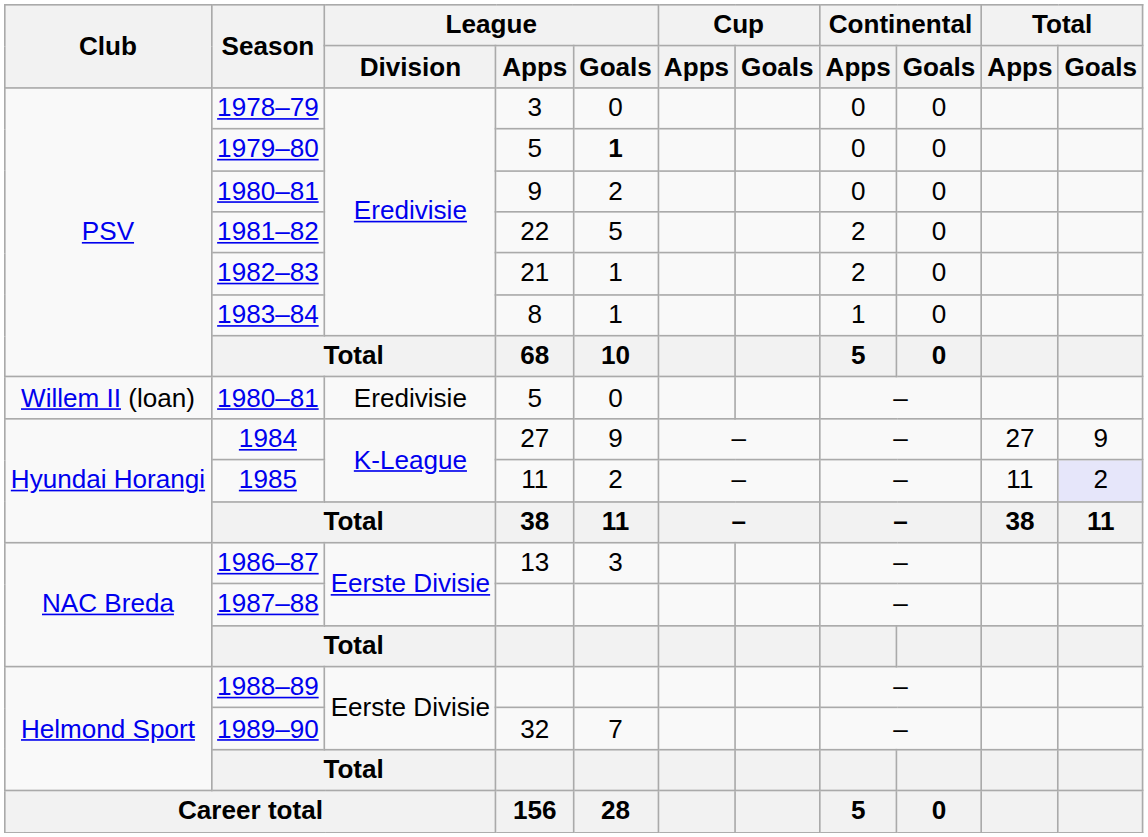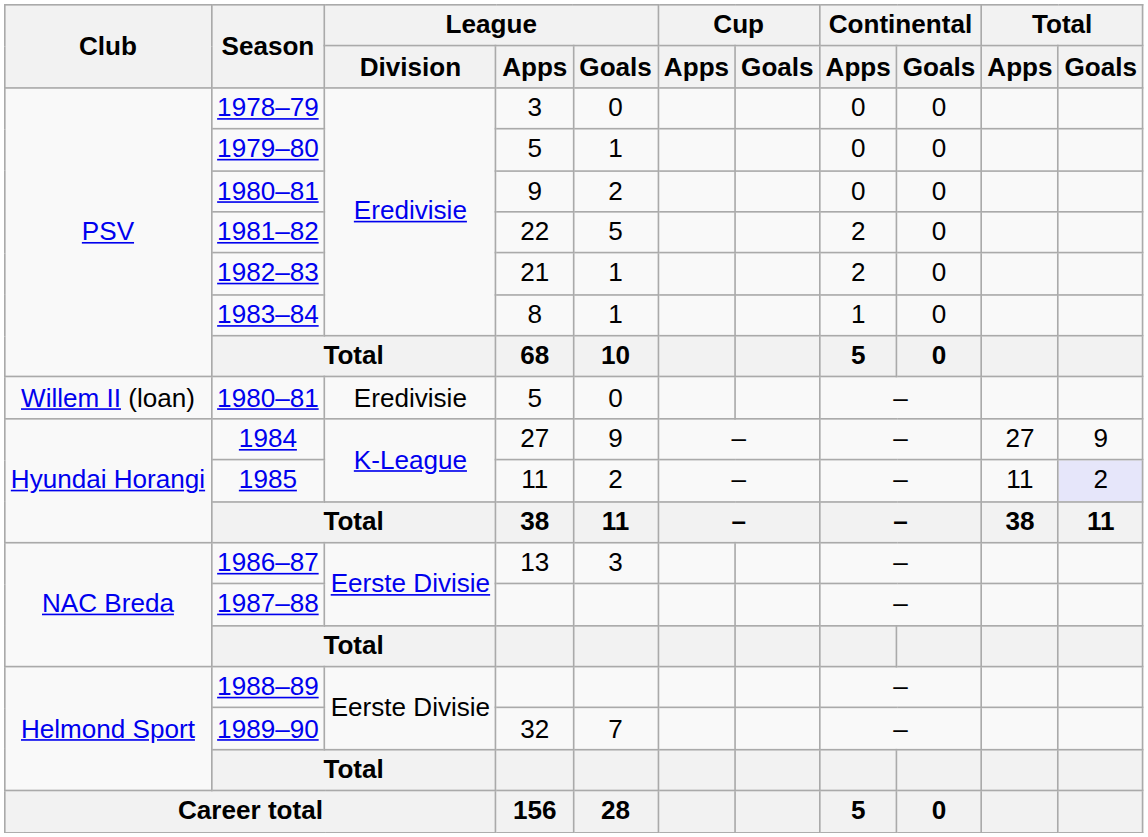 <table class="wikitable" style="text-align:center">
 <tr>
 <th rowspan="2">Club</th>
 <th rowspan="2">Season</th>
 <th colspan="3">League</th>
 <th colspan="2">Cup</th>
 <th colspan="2">Continental</th>
 <th colspan="2">Total</th>
 </tr>
 <tr>
 <th>Division</th>
 <th>Apps</th>
 <th>Goals</th>
 <th>Apps</th>
 <th>Goals</th>
 <th>Apps</th>
 <th>Goals</th>
 <th>Apps</th>
 <th>Goals</th>
 </tr>
 <tr>
 <td rowspan="7"><a href='#'>PSV</a></td>
 <td><a href='#'>1978–79</a></td>
 <td rowspan="6"><a href='#'>Eredivisie</a></td>
 <td>3</td>
 <td>0</td>
 <td></td>
 <td></td>
 <td>0</td>
 <td>0</td>
 <td></td>
 <td></td>
 </tr>
 <tr>
 <td><a href='#'>1979–80</a></td>
 <td>5</td>
-<td><strong>1</strong></td>
+<td>1</td>
 <td></td>
 <td></td>
 <td>0</td>
 <td>0</td>
 <td></td>
 <td></td>
 </tr>
 <tr>
 <td><a href='#'>1980–81</a></td>
 <td>9</td>
 <td>2</td>
 <td></td>
 <td></td>
 <td>0</td>
 <td>0</td>
 <td></td>
 <td></td>
 </tr>
 <tr>
 <td><a href='#'>1981–82</a></td>
 <td>22</td>
 <td>5</td>
 <td></td>
 <td></td>
 <td>2</td>
 <td>0</td>
 <td></td>
 <td></td>
 </tr>
 <tr>
 <td><a href='#'>1982–83</a></td>
 <td>21</td>
 <td>1</td>
 <td></td>
 <td></td>
 <td>2</td>
 <td>0</td>
 <td></td>
 <td></td>
 </tr>
 <tr>
 <td><a href='#'>1983–84</a></td>
 <td>8</td>
 <td>1</td>
 <td></td>
 <td></td>
 <td>1</td>
 <td>0</td>
 <td></td>
 <td></td>
 </tr>
 <tr>
 <th colspan="2">Total</th>
 <th>68</th>
 <th>10</th>
 <th></th>
 <th></th>
 <th>5</th>
 <th>0</th>
 <th></th>
 <th></th>
 </tr>
 <tr>
 <td><a href='#'>Willem II</a> (loan)</td>
 <td><a href='#'>1980–81</a></td>
 <td>Eredivisie</td>
 <td>5</td>
 <td>0</td>
 <td></td>
 <td></td>
 <td colspan="2">–</td>
 <td></td>
 <td></td>
 </tr>
 <tr>
 <td rowspan="3"><a href='#'>Hyundai Horangi</a></td>
 <td><a href='#'>1984</a></td>
 <td rowspan="2"><a href='#'>K-League</a></td>
 <td>27</td>
 <td>9</td>
 <td colspan="2">–</td>
 <td colspan="2">–</td>
 <td>27</td>
 <td>9</td>
 </tr>
 <tr>
 <td><a href='#'>1985</a></td>
 <td>11</td>
 <td>2</td>
 <td colspan="2">–</td>
 <td colspan="2">–</td>
 <td>11</td>
 <td style="background: lavender;">2</td>
 </tr>
 <tr>
 <th colspan="2">Total</th>
 <th>38</th>
 <th>11</th>
 <th colspan="2">–</th>
 <th colspan="2">–</th>
 <th>38</th>
 <th>11</th>
 </tr>
 <tr>
 <td rowspan="3"><a href='#'>NAC Breda</a></td>
 <td><a href='#'>1986–87</a></td>
 <td rowspan="2"><a href='#'>Eerste Divisie</a></td>
 <td>13</td>
 <td>3</td>
 <td></td>
 <td></td>
 <td colspan="2">–</td>
 <td></td>
 <td></td>
 </tr>
 <tr>
 <td><a href='#'>1987–88</a></td>
 <td></td>
 <td></td>
 <td></td>
 <td></td>
 <td colspan="2">–</td>
 <td></td>
 <td></td>
 </tr>
 <tr>
 <th colspan="2">Total</th>
 <th></th>
 <th></th>
 <th></th>
 <th></th>
 <th></th>
 <th></th>
 <th></th>
 <th></th>
 </tr>
 <tr>
 <td rowspan="3"><a href='#'>Helmond Sport</a></td>
 <td><a href='#'>1988–89</a></td>
 <td rowspan="2">Eerste Divisie</td>
 <td></td>
 <td></td>
 <td></td>
 <td></td>
 <td colspan="2">–</td>
 <td></td>
 <td></td>
 </tr>
 <tr>
 <td><a href='#'>1989–90</a></td>
 <td>32</td>
 <td>7</td>
 <td></td>
 <td></td>
 <td colspan="2">–</td>
 <td></td>
 <td></td>
 </tr>
 <tr>
 <th colspan="2">Total</th>
 <th></th>
 <th></th>
 <th></th>
 <th></th>
 <th></th>
 <th></th>
 <th></th>
 <th></th>
 </tr>
 <tr>
 <th colspan="3">Career total</th>
 <th>156</th>
 <th>28</th>
 <th></th>
 <th></th>
 <th>5</th>
 <th>0</th>
 <th></th>
 <th></th>
 </tr>
 </table>
